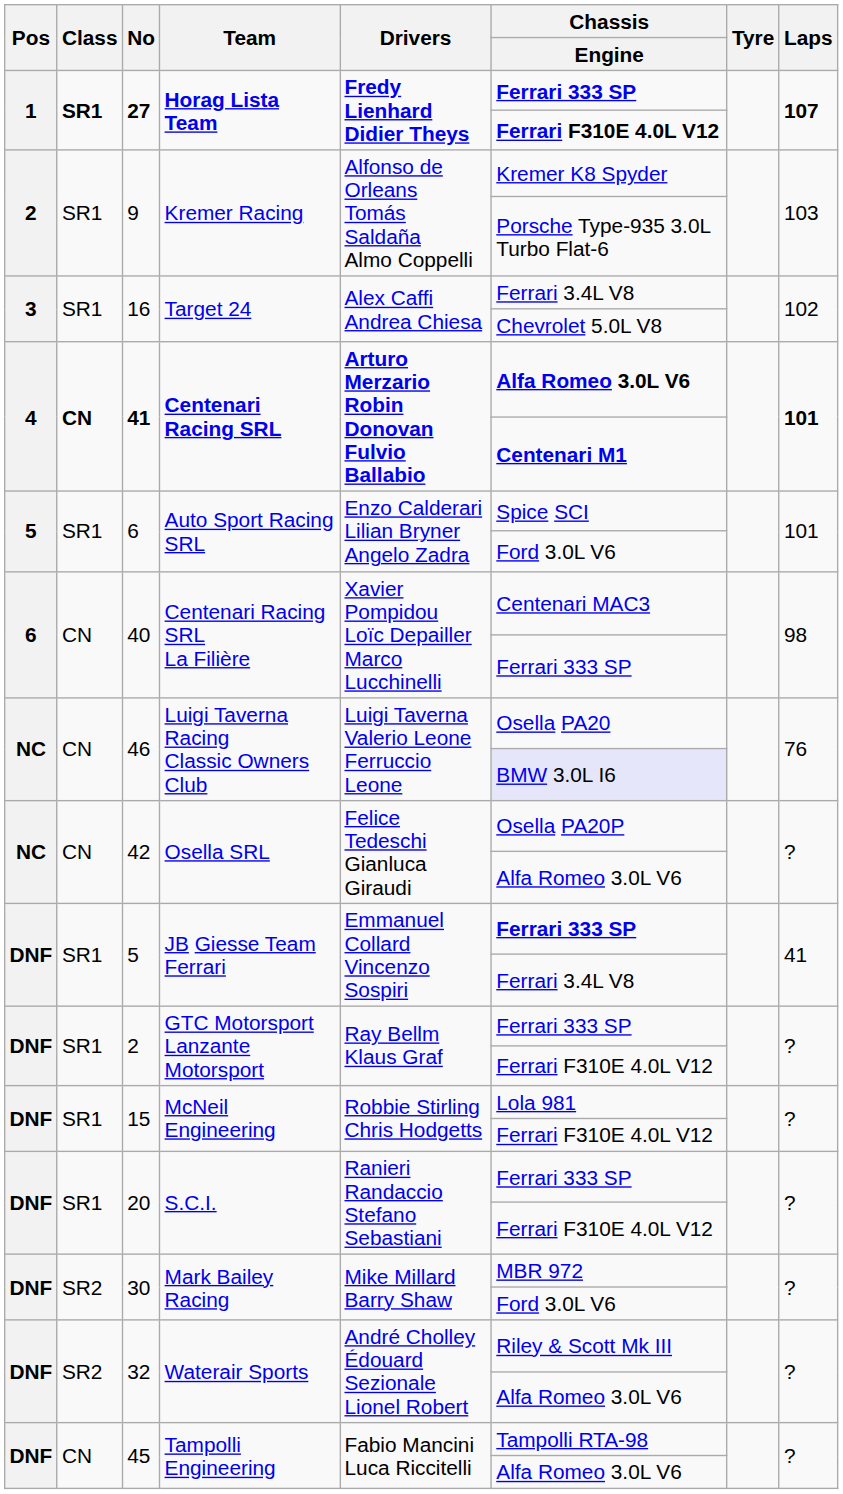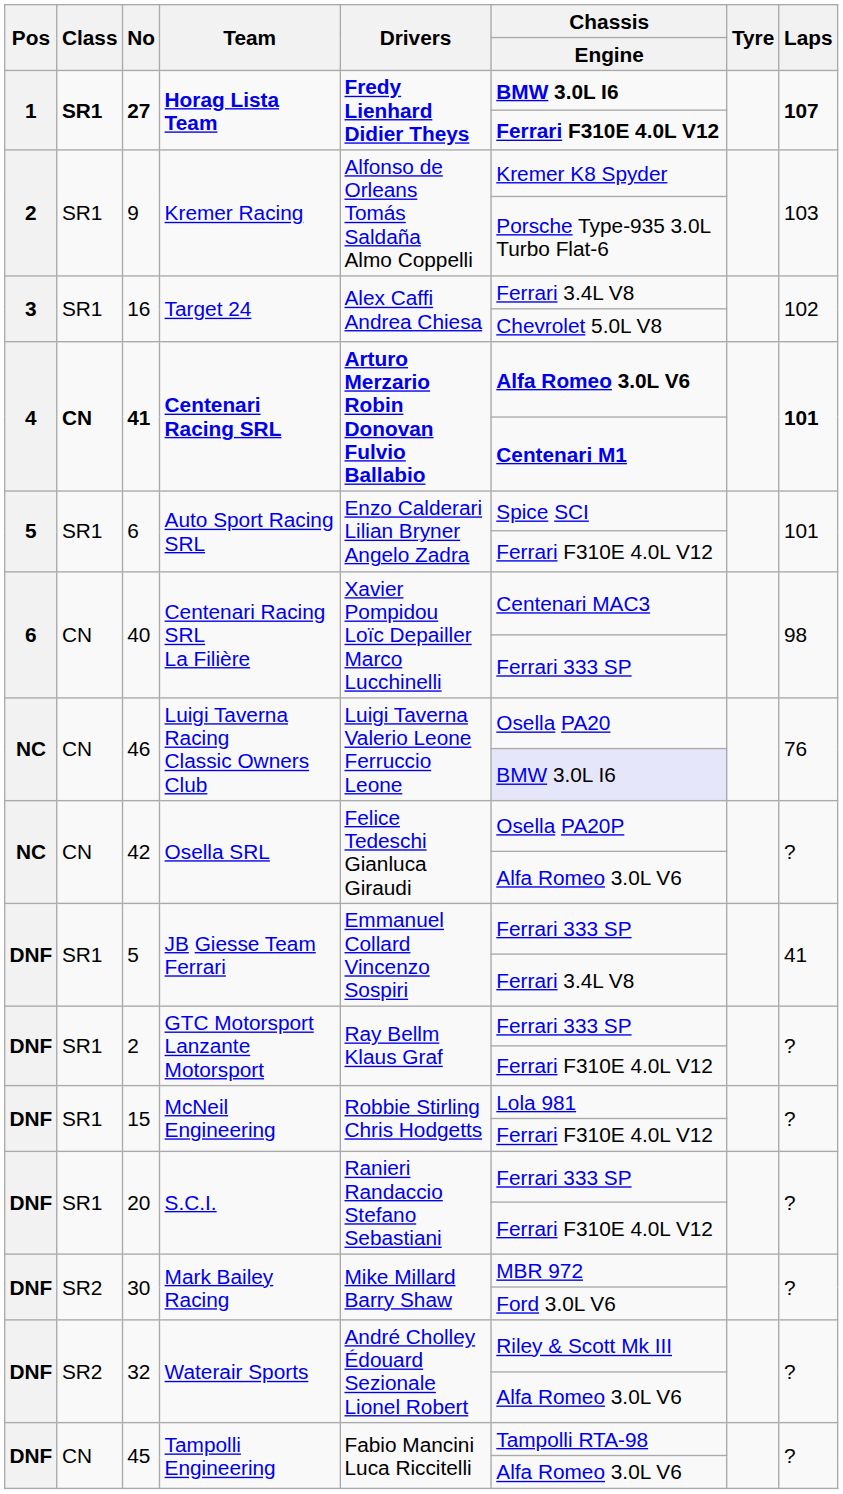 <table class="wikitable" style="font-size: 95%;">
 <tr>
 <th rowspan=2>Pos</th>
 <th rowspan=2>Class</th>
 <th rowspan=2>No</th>
 <th rowspan=2>Team</th>
 <th rowspan=2>Drivers</th>
 <th>Chassis</th>
 <th rowspan=2>Tyre</th>
 <th rowspan=2>Laps</th>
 </tr>
 <tr>
 <th>Engine</th>
 </tr>
 <tr Style="font-weight:bold">
 <th rowspan=2>1</th>
 <td rowspan=2>SR1</td>
 <td rowspan=2>27</td>
 <td rowspan=2> <a href='#'>Horag Lista Team</a></td>
 <td rowspan=2> <a href='#'>Fredy Lienhard</a><br> <a href='#'>Didier Theys</a></td>
-<td><a href='#'>Ferrari 333 SP</a></td>
+<td><a href='#'>BMW</a> 3.0L I6</td>
 <td rowspan=2></td>
 <td rowspan=2>107</td>
 </tr>
 <tr Style="font-weight:bold">
 <td><a href='#'>Ferrari</a> F310E 4.0L V12</td>
 </tr>
 <tr>
 <th rowspan=2>2</th>
 <td rowspan=2>SR1</td>
 <td rowspan=2>9</td>
 <td rowspan=2> <a href='#'>Kremer Racing</a></td>
 <td rowspan=2> <a href='#'>Alfonso de Orleans</a><br> <a href='#'>Tomás Saldaña</a><br> Almo Coppelli</td>
 <td><a href='#'>Kremer K8 Spyder</a></td>
 <td rowspan=2></td>
 <td rowspan=2>103</td>
 </tr>
 <tr>
 <td><a href='#'>Porsche</a> Type-935 3.0L Turbo Flat-6</td>
 </tr>
 <tr>
 <th rowspan=2>3</th>
 <td rowspan=2>SR1</td>
 <td rowspan=2>16</td>
 <td rowspan=2> <a href='#'>Target 24</a></td>
 <td rowspan=2> <a href='#'>Alex Caffi</a><br> <a href='#'>Andrea Chiesa</a></td>
 <td><a href='#'>Ferrari</a> 3.4L V8</td>
 <td rowspan=2></td>
 <td rowspan=2>102</td>
 </tr>
 <tr>
 <td><a href='#'>Chevrolet</a> 5.0L V8</td>
 </tr>
 <tr Style="font-weight:bold">
 <th rowspan=2>4</th>
 <td rowspan=2>CN</td>
 <td rowspan=2>41</td>
 <td rowspan=2> <a href='#'>Centenari Racing SRL</a></td>
 <td rowspan=2> <a href='#'>Arturo Merzario</a><br> <a href='#'>Robin Donovan</a><br> <a href='#'>Fulvio Ballabio</a></td>
 <td><a href='#'>Alfa Romeo</a> 3.0L V6</td>
 <td rowspan=2></td>
 <td rowspan=2>101</td>
 </tr>
 <tr Style="font-weight:bold">
 <td><a href='#'>Centenari M1</a></td>
 </tr>
 <tr>
 <th rowspan=2>5</th>
 <td rowspan=2>SR1</td>
 <td rowspan=2>6</td>
 <td rowspan=2> <a href='#'>Auto Sport Racing SRL</a></td>
 <td rowspan=2> <a href='#'>Enzo Calderari</a><br> <a href='#'>Lilian Bryner</a><br> <a href='#'>Angelo Zadra</a></td>
 <td><a href='#'>Spice</a> <a href='#'>SCI</a></td>
 <td rowspan=2></td>
 <td rowspan=2>101</td>
 </tr>
 <tr>
-<td><a href='#'>Ford</a> 3.0L V6</td>
+<td><a href='#'>Ferrari</a> F310E 4.0L V12</td>
 </tr>
 <tr>
 <th rowspan=2>6</th>
 <td rowspan=2>CN</td>
 <td rowspan=2>40</td>
 <td rowspan=2> <a href='#'>Centenari Racing SRL</a><br> <a href='#'>La Filière</a></td>
 <td rowspan=2> <a href='#'>Xavier Pompidou</a><br> <a href='#'>Loïc Depailler</a><br> <a href='#'>Marco Lucchinelli</a></td>
 <td><a href='#'>Centenari MAC3</a></td>
 <td rowspan=2></td>
 <td rowspan=2>98</td>
 </tr>
 <tr>
 <td><a href='#'>Ferrari 333 SP</a></td>
 </tr>
 <tr>
 <th rowspan=2>NC</th>
 <td rowspan=2>CN</td>
 <td rowspan=2>46</td>
 <td rowspan=2> <a href='#'>Luigi Taverna Racing</a><br> <a href='#'>Classic Owners Club</a></td>
 <td rowspan=2> <a href='#'>Luigi Taverna</a><br> <a href='#'>Valerio Leone</a><br> <a href='#'>Ferruccio Leone</a></td>
 <td><a href='#'>Osella</a> <a href='#'>PA20</a></td>
 <td rowspan=2></td>
 <td rowspan=2>76</td>
 </tr>
 <tr>
 <td style="background: lavender;"><a href='#'>BMW</a> 3.0L I6</td>
 </tr>
 <tr>
 <th rowspan=2>NC</th>
 <td rowspan=2>CN</td>
 <td rowspan=2>42</td>
 <td rowspan=2> <a href='#'>Osella SRL</a></td>
 <td rowspan=2> <a href='#'>Felice Tedeschi</a><br> Gianluca Giraudi</td>
 <td><a href='#'>Osella</a> <a href='#'>PA20P</a></td>
 <td rowspan=2></td>
 <td rowspan=2>?</td>
 </tr>
 <tr>
 <td><a href='#'>Alfa Romeo</a> 3.0L V6</td>
 </tr>
 <tr>
 <th rowspan=2>DNF</th>
 <td rowspan=2>SR1</td>
 <td rowspan=2>5</td>
 <td rowspan=2> <a href='#'>JB</a> <a href='#'>Giesse Team</a> <a href='#'>Ferrari</a></td>
 <td rowspan=2> <a href='#'>Emmanuel Collard</a><br> <a href='#'>Vincenzo Sospiri</a></td>
-<td><strong><a href='#'>Ferrari 333 SP</a></strong></td>
+<td><a href='#'>Ferrari 333 SP</a></td>
 <td rowspan=2></td>
 <td rowspan=2>41</td>
 </tr>
 <tr>
 <td><a href='#'>Ferrari</a> 3.4L V8</td>
 </tr>
 <tr>
 <th rowspan=2>DNF</th>
 <td rowspan=2>SR1</td>
 <td rowspan=2>2</td>
 <td rowspan=2> <a href='#'>GTC Motorsport</a><br> <a href='#'>Lanzante Motorsport</a></td>
 <td rowspan=2> <a href='#'>Ray Bellm</a><br> <a href='#'>Klaus Graf</a></td>
 <td><a href='#'>Ferrari 333 SP</a></td>
 <td rowspan=2></td>
 <td rowspan=2>?</td>
 </tr>
 <tr>
 <td><a href='#'>Ferrari</a> F310E 4.0L V12</td>
 </tr>
 <tr>
 <th rowspan=2>DNF</th>
 <td rowspan=2>SR1</td>
 <td rowspan=2>15</td>
 <td rowspan=2> <a href='#'>McNeil Engineering</a></td>
 <td rowspan=2> <a href='#'>Robbie Stirling</a><br> <a href='#'>Chris Hodgetts</a></td>
 <td><a href='#'>Lola 981</a></td>
 <td rowspan=2></td>
 <td rowspan=2>?</td>
 </tr>
 <tr>
 <td><a href='#'>Ferrari</a> F310E 4.0L V12</td>
 </tr>
 <tr>
 <th rowspan=2>DNF</th>
 <td rowspan=2>SR1</td>
 <td rowspan=2>20</td>
 <td rowspan=2> <a href='#'>S.C.I.</a></td>
 <td rowspan=2> <a href='#'>Ranieri Randaccio</a><br> <a href='#'>Stefano Sebastiani</a></td>
 <td><a href='#'>Ferrari 333 SP</a></td>
 <td rowspan=2></td>
 <td rowspan=2>?</td>
 </tr>
 <tr>
 <td><a href='#'>Ferrari</a> F310E 4.0L V12</td>
 </tr>
 <tr>
 <th rowspan=2>DNF</th>
 <td rowspan=2>SR2</td>
 <td rowspan=2>30</td>
 <td rowspan=2> <a href='#'>Mark Bailey Racing</a></td>
 <td rowspan=2> <a href='#'>Mike Millard</a><br> <a href='#'>Barry Shaw</a></td>
 <td><a href='#'>MBR 972</a></td>
 <td rowspan=2></td>
 <td rowspan=2>?</td>
 </tr>
 <tr>
 <td><a href='#'>Ford</a> 3.0L V6</td>
 </tr>
 <tr>
 <th rowspan=2>DNF</th>
 <td rowspan=2>SR2</td>
 <td rowspan=2>32</td>
 <td rowspan=2> <a href='#'>Waterair Sports</a></td>
 <td rowspan=2> <a href='#'>André Cholley</a><br> <a href='#'>Édouard Sezionale</a><br> <a href='#'>Lionel Robert</a></td>
 <td><a href='#'>Riley & Scott Mk III</a></td>
 <td rowspan=2></td>
 <td rowspan=2>?</td>
 </tr>
 <tr>
 <td><a href='#'>Alfa Romeo</a> 3.0L V6</td>
 </tr>
 <tr>
 <th rowspan=2>DNF</th>
 <td rowspan=2>CN</td>
 <td rowspan=2>45</td>
 <td rowspan=2> <a href='#'>Tampolli Engineering</a></td>
 <td rowspan=2> Fabio Mancini<br> Luca Riccitelli</td>
 <td><a href='#'>Tampolli RTA-98</a></td>
 <td rowspan=2></td>
 <td rowspan=2>?</td>
 </tr>
 <tr>
 <td><a href='#'>Alfa Romeo</a> 3.0L V6</td>
 </tr>
 </table>
